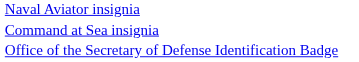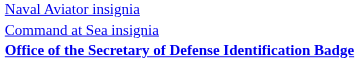 <table>
 <tr>
 <td> <a href='#'>Naval Aviator insignia</a></td>
 </tr>
 <tr>
 <td> <a href='#'>Command at Sea insignia</a></td>
 </tr>
 <tr>
-<td> <a href='#'>Office of the Secretary of Defense Identification Badge</a></td>
+<td><strong> <a href='#'>Office of the Secretary of Defense Identification Badge</a></strong></td>
 </tr>
 </table>
